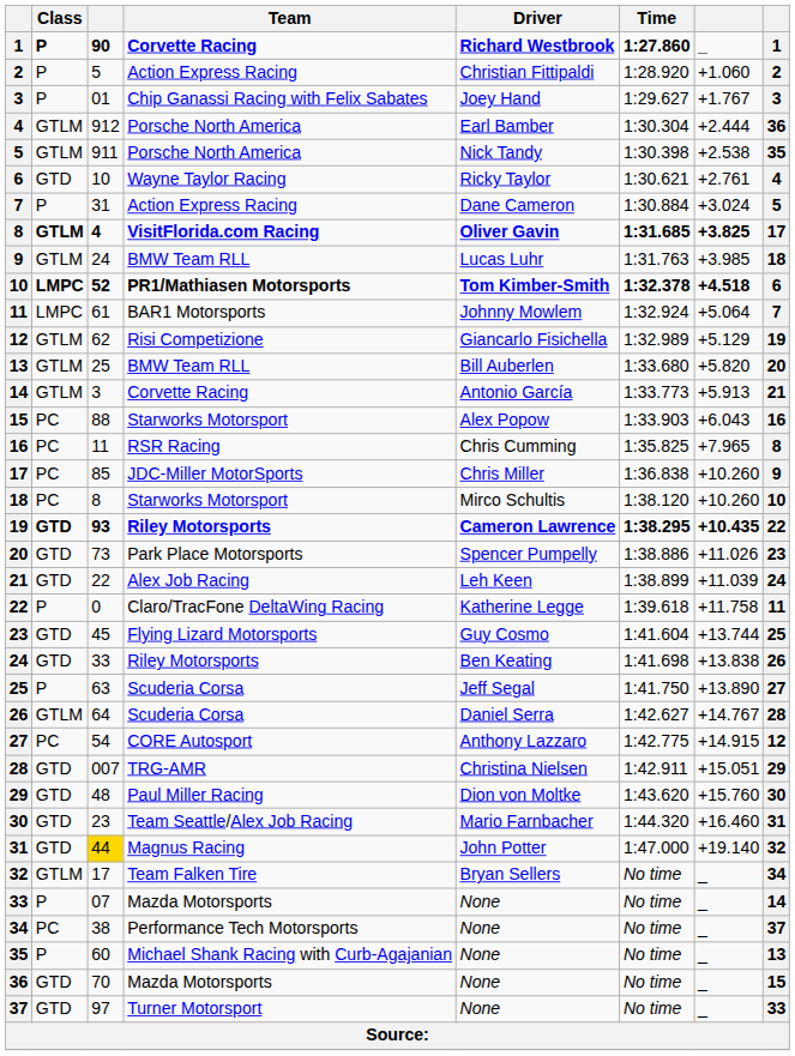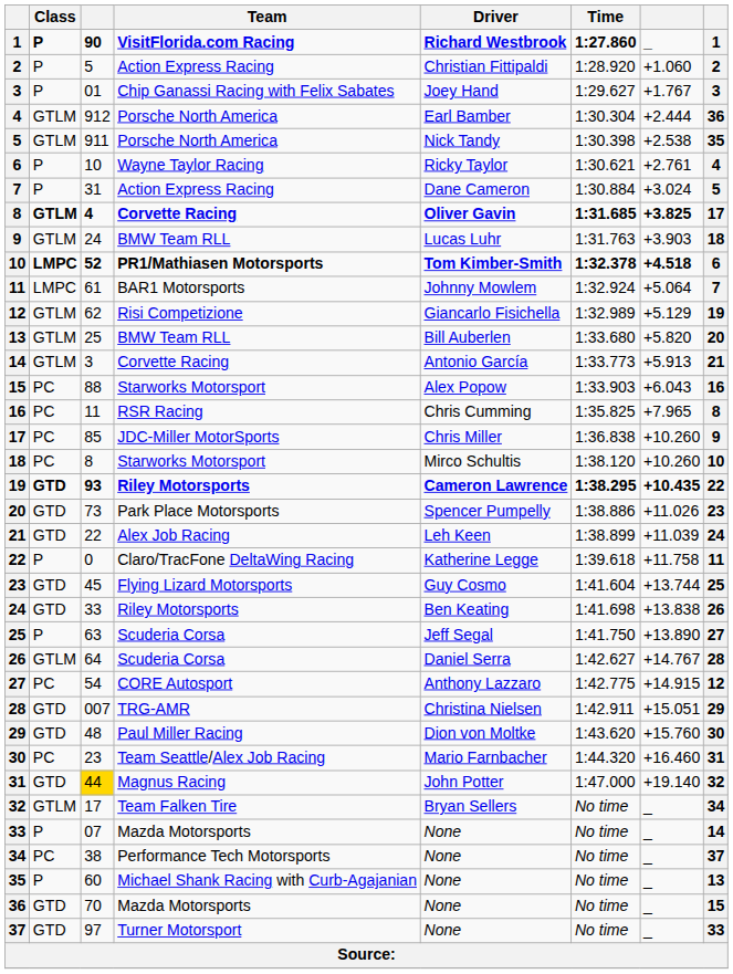 <table class="wikitable">
 <tr>
 <th scope="col"></th>
 <th scope="col">Class</th>
 <th scope="col"></th>
 <th scope="col">Team</th>
 <th scope="col">Driver</th>
 <th scope="col">Time</th>
 <th scope="col"></th>
 <th scope="col"></th>
 </tr>
 <tr>
 <th scope="row">1</th>
 <td><strong>P</strong></td>
 <td><strong>90</strong></td>
-<td><strong><a href='#'>Corvette Racing</a></strong></td>
+<td><a href='#'><strong>VisitFlorida.com Racing</strong></a></td>
 <td><strong><a href='#'>Richard Westbrook</a></strong></td>
 <td><strong>1:27.860</strong></td>
 <td><strong>_</strong></td>
 <th><strong>1</strong></th>
 </tr>
 <tr>
 <th scope="row">2</th>
 <td>P</td>
 <td>5</td>
 <td><a href='#'>Action Express Racing</a></td>
 <td><a href='#'>Christian Fittipaldi</a></td>
 <td>1:28.920</td>
 <td>+1.060</td>
 <th>2</th>
 </tr>
 <tr>
 <th scope="row">3</th>
 <td>P</td>
 <td>01</td>
 <td><a href='#'>Chip Ganassi Racing with Felix Sabates</a></td>
 <td><a href='#'>Joey Hand</a></td>
 <td>1:29.627</td>
 <td>+1.767</td>
 <th>3</th>
 </tr>
 <tr>
 <th scope="row">4</th>
 <td>GTLM</td>
 <td>912</td>
 <td><a href='#'>Porsche North America</a></td>
 <td><a href='#'>Earl Bamber</a></td>
 <td>1:30.304</td>
 <td>+2.444</td>
 <th>36</th>
 </tr>
 <tr>
 <th scope="row">5</th>
 <td>GTLM</td>
 <td>911</td>
 <td><a href='#'>Porsche North America</a></td>
 <td><a href='#'>Nick Tandy</a></td>
 <td>1:30.398</td>
 <td>+2.538</td>
 <th>35</th>
 </tr>
 <tr>
 <th scope="row">6</th>
-<td>GTD</td>
+<td>P</td>
 <td>10</td>
 <td><a href='#'>Wayne Taylor Racing</a></td>
 <td><a href='#'>Ricky Taylor</a></td>
 <td>1:30.621</td>
 <td>+2.761</td>
 <th>4</th>
 </tr>
 <tr>
 <th scope="row">7</th>
 <td>P</td>
 <td>31</td>
 <td><a href='#'>Action Express Racing</a></td>
 <td><a href='#'>Dane Cameron</a></td>
 <td>1:30.884</td>
 <td>+3.024</td>
 <th>5</th>
 </tr>
 <tr>
 <th scope="row">8</th>
 <td><strong>GTLM</strong></td>
 <td><strong>4</strong></td>
-<td><a href='#'><strong>VisitFlorida.com Racing</strong></a></td>
+<td><strong><a href='#'>Corvette Racing</a></strong></td>
 <td><strong><a href='#'>Oliver Gavin</a></strong></td>
 <td><strong>1:31.685</strong></td>
 <td><strong>+3.825</strong></td>
 <th>17</th>
 </tr>
 <tr>
 <th scope="row">9</th>
 <td>GTLM</td>
 <td>24</td>
 <td><a href='#'>BMW Team RLL</a></td>
 <td><a href='#'>Lucas Luhr</a></td>
 <td>1:31.763</td>
-<td>+3.985</td>
+<td>+3.903</td>
 <th>18</th>
 </tr>
 <tr>
 <th scope="row">10</th>
 <td><strong>LMPC</strong></td>
 <td><strong>52</strong></td>
 <td><strong>PR1/Mathiasen Motorsports</strong></td>
 <td><strong><a href='#'>Tom Kimber-Smith</a></strong></td>
 <td><strong>1:32.378</strong></td>
 <td><strong>+4.518</strong></td>
 <th>6</th>
 </tr>
 <tr>
 <th scope="row">11</th>
 <td>LMPC</td>
 <td>61</td>
 <td>BAR1 Motorsports</td>
 <td><a href='#'>Johnny Mowlem</a></td>
 <td>1:32.924</td>
 <td>+5.064</td>
 <th>7</th>
 </tr>
 <tr>
 <th scope="row">12</th>
 <td>GTLM</td>
 <td>62</td>
 <td><a href='#'>Risi Competizione</a></td>
 <td><a href='#'>Giancarlo Fisichella</a></td>
 <td>1:32.989</td>
 <td>+5.129</td>
 <th>19</th>
 </tr>
 <tr>
 <th scope="row">13</th>
 <td>GTLM</td>
 <td>25</td>
 <td><a href='#'>BMW Team RLL</a></td>
 <td><a href='#'>Bill Auberlen</a></td>
 <td>1:33.680</td>
 <td>+5.820</td>
 <th>20</th>
 </tr>
 <tr>
 <th scope="row">14</th>
 <td>GTLM</td>
 <td>3</td>
 <td><a href='#'>Corvette Racing</a></td>
 <td><a href='#'>Antonio García</a></td>
 <td>1:33.773</td>
 <td>+5.913</td>
 <th>21</th>
 </tr>
 <tr>
 <th scope="row">15</th>
 <td>PC</td>
 <td>88</td>
 <td><a href='#'>Starworks Motorsport</a></td>
 <td><a href='#'>Alex Popow</a></td>
 <td>1:33.903</td>
 <td>+6.043</td>
 <th>16</th>
 </tr>
 <tr>
 <th scope="row">16</th>
 <td>PC</td>
 <td>11</td>
 <td><a href='#'>RSR Racing</a></td>
 <td>Chris Cumming</td>
 <td>1:35.825</td>
 <td>+7.965</td>
 <th>8</th>
 </tr>
 <tr>
 <th scope="row">17</th>
 <td>PC</td>
 <td>85</td>
 <td><a href='#'>JDC-Miller MotorSports</a></td>
 <td><a href='#'>Chris Miller</a></td>
 <td>1:36.838</td>
 <td>+10.260</td>
 <th>9</th>
 </tr>
 <tr>
 <th scope="row">18</th>
 <td>PC</td>
 <td>8</td>
 <td><a href='#'>Starworks Motorsport</a></td>
 <td>Mirco Schultis</td>
 <td>1:38.120</td>
 <td>+10.260</td>
 <th>10</th>
 </tr>
 <tr>
 <th scope="row">19</th>
 <td><strong>GTD</strong></td>
 <td><strong>93</strong></td>
 <td><a href='#'><strong>Riley Motorsports</strong></a></td>
 <td><a href='#'><strong>Cameron Lawrence</strong></a></td>
 <td><strong>1:38.295</strong></td>
 <td><strong>+10.435</strong></td>
 <th>22</th>
 </tr>
 <tr>
 <th scope="row">20</th>
 <td>GTD</td>
 <td>73</td>
 <td>Park Place Motorsports</td>
 <td><a href='#'>Spencer Pumpelly</a></td>
 <td>1:38.886</td>
 <td>+11.026</td>
 <th>23</th>
 </tr>
 <tr>
 <th scope="row">21</th>
 <td>GTD</td>
 <td>22</td>
 <td><a href='#'>Alex Job Racing</a></td>
 <td><a href='#'>Leh Keen</a></td>
 <td>1:38.899</td>
 <td>+11.039</td>
 <th>24</th>
 </tr>
 <tr>
 <th scope="row">22</th>
 <td>P</td>
 <td>0</td>
 <td>Claro/TracFone <a href='#'>DeltaWing Racing</a></td>
 <td><a href='#'>Katherine Legge</a></td>
 <td>1:39.618</td>
 <td>+11.758</td>
 <th>11</th>
 </tr>
 <tr>
 <th scope="row">23</th>
 <td>GTD</td>
 <td>45</td>
 <td><a href='#'>Flying Lizard Motorsports</a></td>
 <td><a href='#'>Guy Cosmo</a></td>
 <td>1:41.604</td>
 <td>+13.744</td>
 <th>25</th>
 </tr>
 <tr>
 <th scope="row">24</th>
 <td>GTD</td>
 <td>33</td>
 <td><a href='#'>Riley Motorsports</a></td>
 <td><a href='#'>Ben Keating</a></td>
 <td>1:41.698</td>
 <td>+13.838</td>
 <th>26</th>
 </tr>
 <tr>
 <th scope="row">25</th>
 <td>P</td>
 <td>63</td>
 <td><a href='#'>Scuderia Corsa</a></td>
 <td><a href='#'>Jeff Segal</a></td>
 <td>1:41.750</td>
 <td>+13.890</td>
 <th>27</th>
 </tr>
 <tr>
 <th scope="row">26</th>
 <td>GTLM</td>
 <td>64</td>
 <td><a href='#'>Scuderia Corsa</a></td>
 <td><a href='#'>Daniel Serra</a></td>
 <td>1:42.627</td>
 <td>+14.767</td>
 <th>28</th>
 </tr>
 <tr>
 <th scope="row">27</th>
 <td>PC</td>
 <td>54</td>
 <td><a href='#'>CORE Autosport</a></td>
 <td><a href='#'>Anthony Lazzaro</a></td>
 <td>1:42.775</td>
 <td>+14.915</td>
 <th>12</th>
 </tr>
 <tr>
 <th scope="row">28</th>
 <td>GTD</td>
 <td>007</td>
 <td><a href='#'>TRG-AMR</a></td>
 <td><a href='#'>Christina Nielsen</a></td>
 <td>1:42.911</td>
 <td>+15.051</td>
 <th>29</th>
 </tr>
 <tr>
 <th scope="row">29</th>
 <td>GTD</td>
 <td>48</td>
 <td><a href='#'>Paul Miller Racing</a></td>
 <td><a href='#'>Dion von Moltke</a></td>
 <td>1:43.620</td>
 <td>+15.760</td>
 <th>30</th>
 </tr>
 <tr>
 <th scope="row">30</th>
-<td>GTD</td>
+<td>PC</td>
 <td>23</td>
 <td><a href='#'>Team Seattle</a>/<a href='#'>Alex Job Racing</a></td>
 <td><a href='#'>Mario Farnbacher</a></td>
 <td>1:44.320</td>
 <td>+16.460</td>
 <th>31</th>
 </tr>
 <tr>
 <th scope="row">31</th>
 <td>GTD</td>
 <td style="background: gold;">44</td>
 <td><a href='#'>Magnus Racing</a></td>
 <td><a href='#'>John Potter</a></td>
 <td>1:47.000</td>
 <td>+19.140</td>
 <th>32</th>
 </tr>
 <tr>
 <th scope="row">32</th>
 <td>GTLM</td>
 <td>17</td>
 <td><a href='#'>Team Falken Tire</a></td>
 <td><a href='#'>Bryan Sellers</a></td>
 <td><em>No time</em></td>
 <td>_</td>
 <th>34</th>
 </tr>
 <tr>
 <th scope="row">33</th>
 <td>P</td>
 <td>07</td>
 <td>Mazda Motorsports</td>
 <td><em>None</em></td>
 <td><em>No time</em></td>
 <td>_</td>
 <th>14</th>
 </tr>
 <tr>
 <th scope="row">34</th>
 <td>PC</td>
 <td>38</td>
 <td>Performance Tech Motorsports</td>
 <td><em>None</em></td>
 <td><em>No time</em></td>
 <td>_</td>
 <th>37</th>
 </tr>
 <tr>
 <th scope="row">35</th>
 <td>P</td>
 <td>60</td>
 <td><a href='#'>Michael Shank Racing</a> with <a href='#'>Curb-Agajanian</a></td>
 <td><em>None</em></td>
 <td><em>No time</em></td>
 <td>_</td>
 <th>13</th>
 </tr>
 <tr>
 <th scope="row">36</th>
 <td>GTD</td>
 <td>70</td>
 <td>Mazda Motorsports</td>
 <td><em>None</em></td>
 <td><em>No time</em></td>
 <td>_</td>
 <th>15</th>
 </tr>
 <tr>
 <th scope="row">37</th>
 <td>GTD</td>
 <td>97</td>
 <td><a href='#'>Turner Motorsport</a></td>
 <td><em>None</em></td>
 <td><em>No time</em></td>
 <td>_</td>
 <th>33</th>
 </tr>
 <tr>
 <th colspan="8">Source:</th>
 </tr>
 <tr>
 </tr>
 </table>
